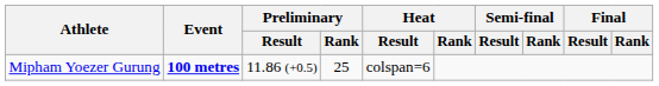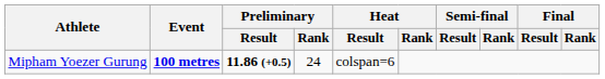 <table class=wikitable style=font-size:90%>
 <tr>
 <th rowspan=2>Athlete</th>
 <th rowspan=2>Event</th>
 <th colspan=2>Preliminary</th>
 <th colspan=2>Heat</th>
 <th colspan=2>Semi-final</th>
 <th colspan=2>Final</th>
 </tr>
 <tr style=font-size:95%>
 <th>Result</th>
 <th>Rank</th>
 <th>Result</th>
 <th>Rank</th>
 <th>Result</th>
 <th>Rank</th>
 <th>Result</th>
 <th>Rank</th>
 </tr>
 <tr align=center>
 <td align=left><a href='#'>Mipham Yoezer Gurung</a></td>
 <td align=left><strong><a href='#'>100 metres</a></strong></td>
-<td>11.86 <small>(+0.5)</small></td>
-<td>25</td>
+<td><strong>11.86 <small>(+0.5)</small></strong></td>
+<td>24</td>
 <td>colspan=6</td>
 </tr>
 </table>
